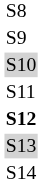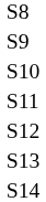 <table>
 <tr>
 <td>S8</td>
 <td></td>
 <td></td>
 <td></td>
 </tr>
 <tr>
 <td>S9</td>
 <td></td>
 <td></td>
 <td></td>
 </tr>
 <tr>
-<td style="background: lightgrey;">S10</td>
+<td>S10</td>
 <td></td>
 <td></td>
 <td></td>
 </tr>
 <tr>
 <td>S11</td>
 <td></td>
 <td></td>
 <td></td>
 </tr>
 <tr>
-<td><strong>S12</strong></td>
+<td>S12</td>
 <td></td>
 <td></td>
 <td></td>
 </tr>
 <tr>
-<td style="background: lightgrey;">S13</td>
+<td>S13</td>
 <td></td>
 <td></td>
 <td></td>
 </tr>
 <tr>
 <td>S14</td>
 <td></td>
 <td></td>
 <td></td>
 </tr>
 </table>
